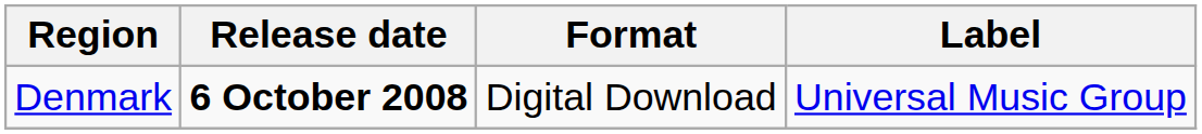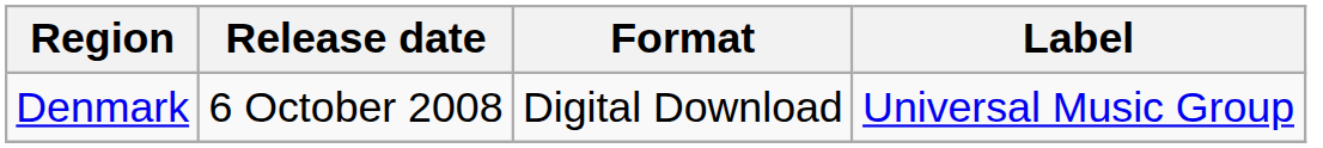 <table class="wikitable">
 <tr>
 <th>Region</th>
 <th>Release date</th>
 <th>Format</th>
 <th>Label</th>
 </tr>
 <tr>
 <td><a href='#'>Denmark</a></td>
-<td><strong>6 October 2008</strong></td>
+<td>6 October 2008</td>
 <td>Digital Download</td>
 <td><a href='#'>Universal Music Group</a></td>
 </tr>
 <tr>
 </tr>
 </table>
